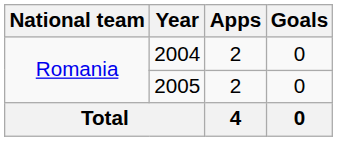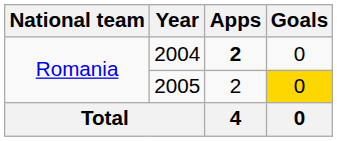 <table class="wikitable" style="text-align:center">
 <tr>
 <th>National team</th>
 <th>Year</th>
 <th>Apps</th>
 <th>Goals</th>
 </tr>
 <tr>
 <td rowspan="2"><a href='#'>Romania</a></td>
 <td>2004</td>
-<td>2</td>
+<td><strong>2</strong></td>
 <td>0</td>
 </tr>
 <tr>
 <td>2005</td>
 <td>2</td>
-<td>0</td>
+<td style="background: gold;">0</td>
 </tr>
 <tr>
 <th colspan="2">Total</th>
 <th>4</th>
 <th>0</th>
 </tr>
 </table>
